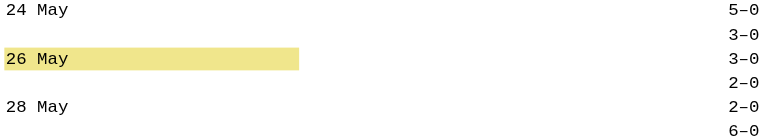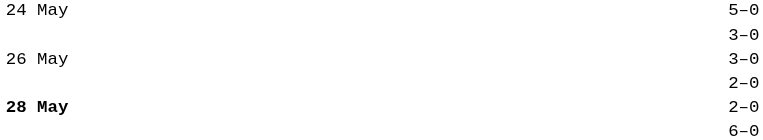 <table cellspacing=1 width=70%>
 <tr>
 <th width=25%></th>
 <th width=30%></th>
 <th width=15%></th>
 <th width=30%></th>
 </tr>
 <tr>
 <td>24 May</td>
 <td align=right></td>
 <td align=center>5–0</td>
 <td></td>
 </tr>
 <tr>
 <td></td>
 <td align=right></td>
 <td align=center>3–0</td>
 <td></td>
 </tr>
 <tr>
-<td style="background: khaki;">26 May</td>
+<td>26 May</td>
 <td align=right></td>
 <td align=center>3–0</td>
 <td></td>
 </tr>
 <tr>
 <td></td>
 <td align=right></td>
 <td align=center>2–0</td>
 <td></td>
 </tr>
 <tr>
-<td>28 May</td>
+<td><strong>28 May</strong></td>
 <td align=right></td>
 <td align=center>2–0</td>
 <td></td>
 </tr>
 <tr>
 <td></td>
 <td align=right></td>
 <td align=center>6–0</td>
 <td></td>
 </tr>
 </table>
